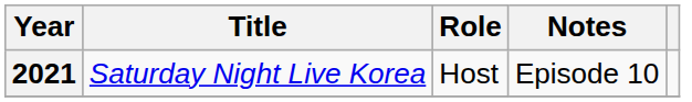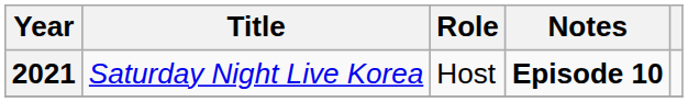 <table class="wikitable sortable plainrowheaders">
 <tr>
 <th scope="col">Year</th>
 <th scope="col">Title</th>
 <th scope="col">Role</th>
 <th scope="col">Notes</th>
 <th scope="col" class="unsortable"></th>
 </tr>
 <tr>
 <th scope="row">2021</th>
 <td><em><a href='#'>Saturday Night Live Korea</a></em></td>
 <td>Host</td>
-<td>Episode 10</td>
+<td><strong>Episode 10</strong></td>
 <td></td>
 </tr>
 <tr>
 </tr>
 </table>
